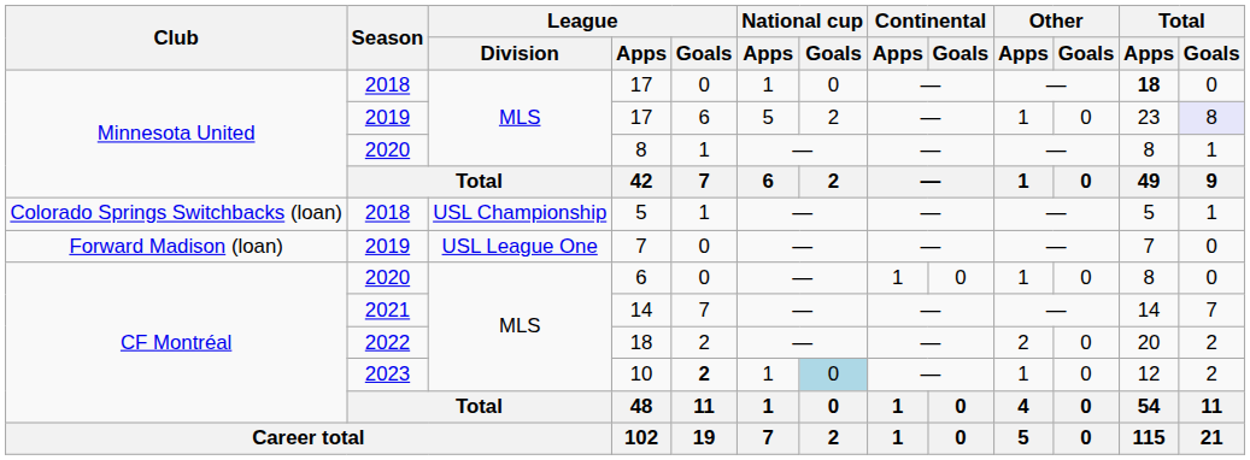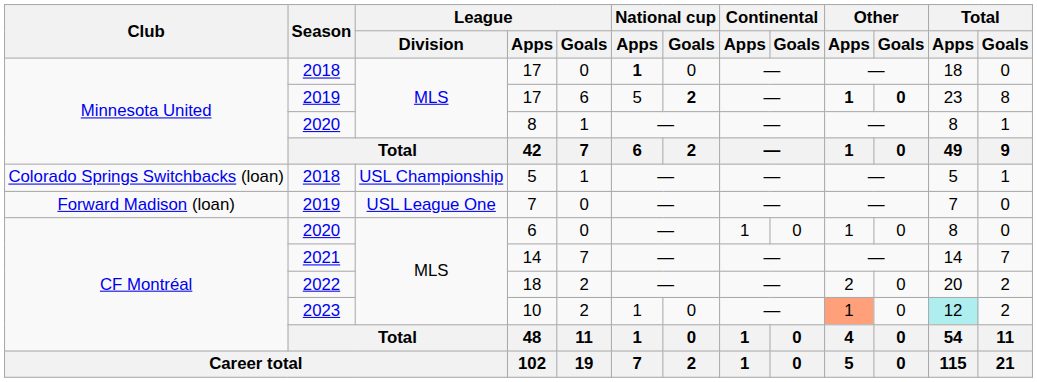 <table class="wikitable" style="text-align:center">
 <tr>
 <th rowspan="2">Club</th>
 <th rowspan="2">Season</th>
 <th colspan="3">League</th>
 <th colspan="2">National cup</th>
 <th colspan="2">Continental</th>
 <th colspan="2">Other</th>
 <th colspan="2">Total</th>
 </tr>
 <tr>
 <th>Division</th>
 <th>Apps</th>
 <th>Goals</th>
 <th>Apps</th>
 <th>Goals</th>
 <th>Apps</th>
 <th>Goals</th>
 <th>Apps</th>
 <th>Goals</th>
 <th>Apps</th>
 <th>Goals</th>
 </tr>
 <tr>
 <td rowspan=4><a href='#'>Minnesota United</a></td>
 <td><a href='#'>2018</a></td>
 <td rowspan=3><a href='#'>MLS</a></td>
 <td>17</td>
 <td>0</td>
-<td>1</td>
+<td><strong>1</strong></td>
 <td>0</td>
 <td colspan="2">—</td>
 <td colspan="2">—</td>
-<td><strong>18</strong></td>
+<td>18</td>
 <td>0</td>
 </tr>
 <tr>
 <td><a href='#'>2019</a></td>
 <td>17</td>
 <td>6</td>
 <td>5</td>
-<td>2</td>
+<td><strong>2</strong></td>
 <td colspan="2">—</td>
-<td>1</td>
-<td>0</td>
+<td><strong>1</strong></td>
+<td><strong>0</strong></td>
 <td>23</td>
-<td style="background: lavender;">8</td>
+<td>8</td>
 </tr>
 <tr>
 <td><a href='#'>2020</a></td>
 <td>8</td>
 <td>1</td>
 <td colspan="2">—</td>
 <td colspan="2">—</td>
 <td colspan="2">—</td>
 <td>8</td>
 <td>1</td>
 </tr>
 <tr>
 <th colspan=2>Total</th>
 <th>42</th>
 <th>7</th>
 <th>6</th>
 <th>2</th>
 <th colspan="2">—</th>
 <th>1</th>
 <th>0</th>
 <th>49</th>
 <th>9</th>
 </tr>
 <tr>
 <td><a href='#'>Colorado Springs Switchbacks</a> (loan)</td>
 <td><a href='#'>2018</a></td>
 <td><a href='#'>USL Championship</a></td>
 <td>5</td>
 <td>1</td>
 <td colspan="2">—</td>
 <td colspan="2">—</td>
 <td colspan="2">—</td>
 <td>5</td>
 <td>1</td>
 </tr>
 <tr>
 <td><a href='#'>Forward Madison</a> (loan)</td>
 <td><a href='#'>2019</a></td>
 <td><a href='#'>USL League One</a></td>
 <td>7</td>
 <td>0</td>
 <td colspan="2">—</td>
 <td colspan="2">—</td>
 <td colspan="2">—</td>
 <td>7</td>
 <td>0</td>
 </tr>
 <tr>
 <td rowspan=5><a href='#'>CF Montréal</a></td>
 <td><a href='#'>2020</a></td>
 <td rowspan=4>MLS</td>
 <td>6</td>
 <td>0</td>
 <td colspan="2">—</td>
 <td>1</td>
 <td>0</td>
 <td>1</td>
 <td>0</td>
 <td>8</td>
 <td>0</td>
 </tr>
 <tr>
 <td><a href='#'>2021</a></td>
 <td>14</td>
 <td>7</td>
 <td colspan="2">—</td>
 <td colspan="2">—</td>
 <td colspan="2">—</td>
 <td>14</td>
 <td>7</td>
 </tr>
 <tr>
 <td><a href='#'>2022</a></td>
 <td>18</td>
 <td>2</td>
 <td colspan="2">—</td>
 <td colspan="2">—</td>
 <td>2</td>
 <td>0</td>
 <td>20</td>
 <td>2</td>
 </tr>
 <tr>
 <td><a href='#'>2023</a></td>
 <td>10</td>
-<td><strong>2</strong></td>
-<td>1</td>
-<td style="background: lightblue;">0</td>
-<td colspan="2">—</td>
+<td>2</td>
 <td>1</td>
 <td>0</td>
-<td>12</td>
+<td colspan="2">—</td>
+<td style="background: lightsalmon;">1</td>
+<td>0</td>
+<td style="background: paleturquoise;">12</td>
 <td>2</td>
 </tr>
 <tr>
 <th colspan=2>Total</th>
 <th>48</th>
 <th>11</th>
 <th>1</th>
 <th>0</th>
 <th>1</th>
 <th>0</th>
 <th>4</th>
 <th>0</th>
 <th>54</th>
 <th>11</th>
 </tr>
 <tr>
 <th colspan=3>Career total</th>
 <th>102</th>
 <th>19</th>
 <th>7</th>
 <th>2</th>
 <th>1</th>
 <th>0</th>
 <th>5</th>
 <th>0</th>
 <th>115</th>
 <th>21</th>
 </tr>
 </table>
